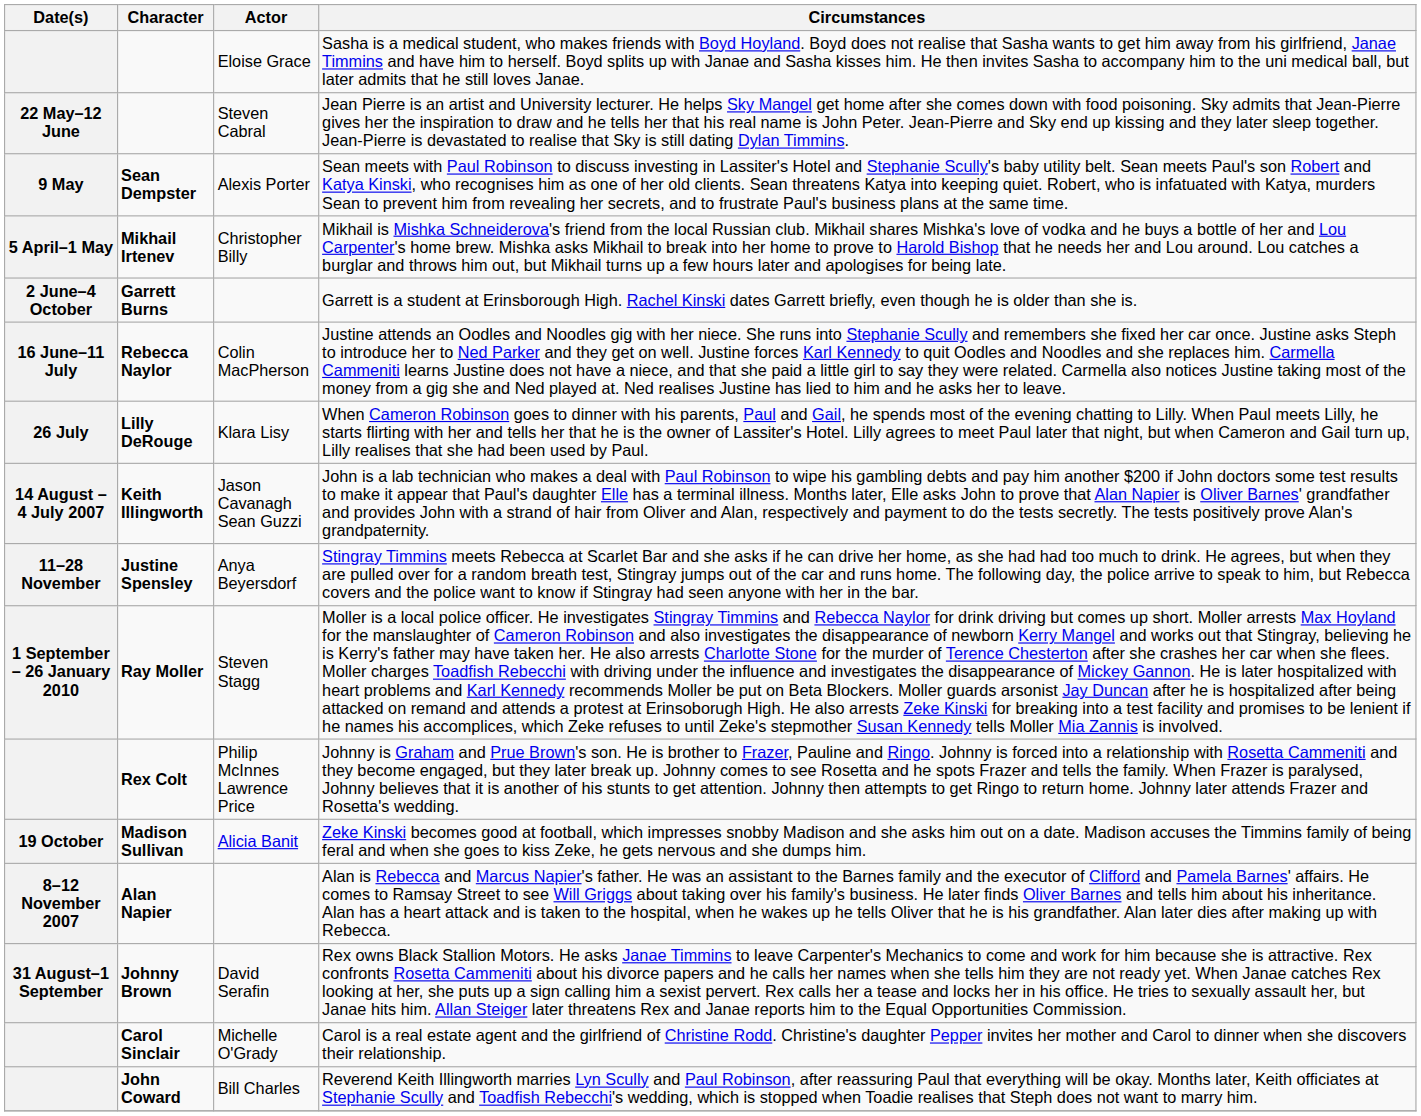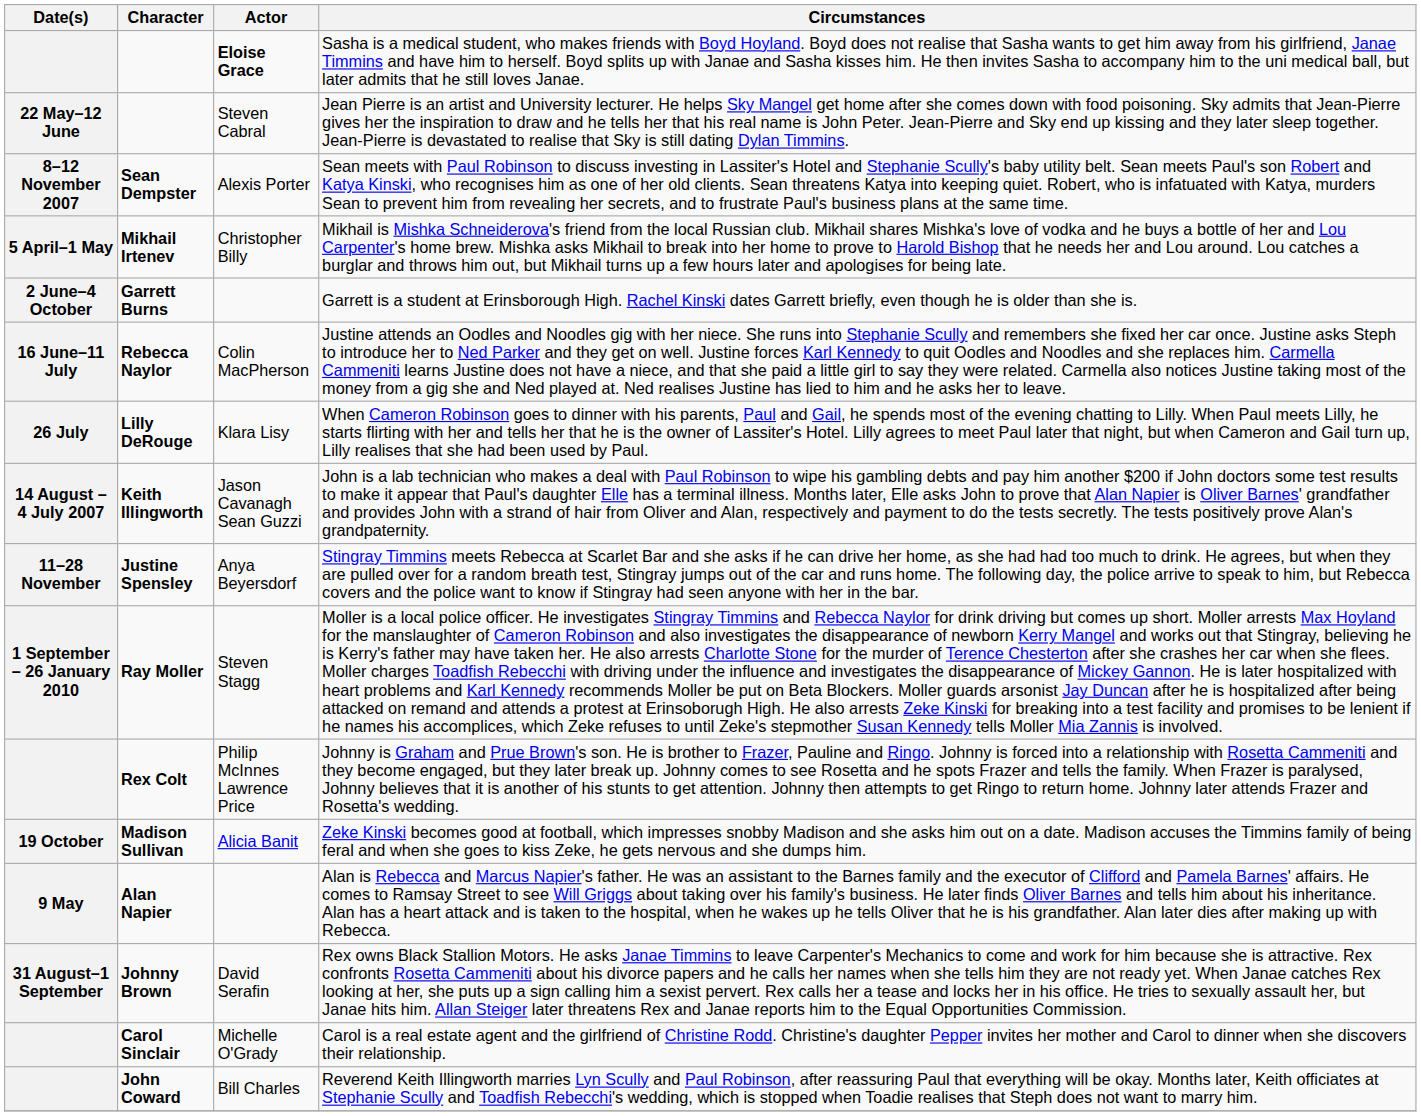 <table class="wikitable plainrowheaders" style="font-size:90%">
 <tr>
 <th scope="col">Date(s)</th>
 <th scope="col">Character</th>
 <th scope="col">Actor</th>
 <th scope="col">Circumstances</th>
 </tr>
 <tr>
 <th scope="row"></th>
 <td></td>
-<td>Eloise Grace</td>
+<td><strong>Eloise Grace</strong></td>
 <td>Sasha is a medical student, who makes friends with <a href='#'>Boyd Hoyland</a>. Boyd does not realise that Sasha wants to get him away from his girlfriend, <a href='#'>Janae Timmins</a> and have him to herself. Boyd splits up with Janae and Sasha kisses him. He then invites Sasha to accompany him to the uni medical ball, but later admits that he still loves Janae.</td>
 </tr>
 <tr>
 <th scope="row">22 May–12 June</th>
 <td></td>
 <td>Steven Cabral</td>
 <td>Jean Pierre is an artist and University lecturer. He helps <a href='#'>Sky Mangel</a> get home after she comes down with food poisoning. Sky admits that Jean-Pierre gives her the inspiration to draw and he tells her that his real name is John Peter. Jean-Pierre and Sky end up kissing and they later sleep together. Jean-Pierre is devastated to realise that Sky is still dating <a href='#'>Dylan Timmins</a>.</td>
 </tr>
 <tr>
-<th scope="row">9 May</th>
+<th scope="row">8–12 November 2007</th>
 <td><strong>Sean Dempster</strong></td>
 <td>Alexis Porter</td>
 <td>Sean meets with <a href='#'>Paul Robinson</a> to discuss investing in Lassiter's Hotel and <a href='#'>Stephanie Scully</a>'s baby utility belt. Sean meets Paul's son <a href='#'>Robert</a> and <a href='#'>Katya Kinski</a>, who recognises him as one of her old clients. Sean threatens Katya into keeping quiet. Robert, who is infatuated with Katya, murders Sean to prevent him from revealing her secrets, and to frustrate Paul's business plans at the same time.</td>
 </tr>
 <tr>
 <th scope="row">5 April–1 May</th>
 <td><strong>Mikhail Irtenev</strong></td>
 <td>Christopher Billy</td>
 <td>Mikhail is <a href='#'>Mishka Schneiderova</a>'s friend from the local Russian club. Mikhail shares Mishka's love of vodka and he buys a bottle of her and <a href='#'>Lou Carpenter</a>'s home brew. Mishka asks Mikhail to break into her home to prove to <a href='#'>Harold Bishop</a> that he needs her and Lou around. Lou catches a burglar and throws him out, but Mikhail turns up a few hours later and apologises for being late.</td>
 </tr>
 <tr>
 <th scope="row">2 June–4 October</th>
 <td><strong>Garrett Burns</strong></td>
 <td></td>
 <td>Garrett is a student at Erinsborough High. <a href='#'>Rachel Kinski</a> dates Garrett briefly, even though he is older than she is.</td>
 </tr>
 <tr>
 <th scope="row">16 June–11 July</th>
 <td><strong>Rebecca Naylor</strong></td>
 <td>Colin MacPherson</td>
 <td>Justine attends an Oodles and Noodles gig with her niece. She runs into <a href='#'>Stephanie Scully</a> and remembers she fixed her car once. Justine asks Steph to introduce her to <a href='#'>Ned Parker</a> and they get on well. Justine forces <a href='#'>Karl Kennedy</a> to quit Oodles and Noodles and she replaces him. <a href='#'>Carmella Cammeniti</a> learns Justine does not have a niece, and that she paid a little girl to say they were related. Carmella also notices Justine taking most of the money from a gig she and Ned played at. Ned realises Justine has lied to him and he asks her to leave.</td>
 </tr>
 <tr>
 <th scope="row">26 July</th>
 <td><strong>Lilly DeRouge</strong></td>
 <td>Klara Lisy</td>
 <td>When <a href='#'>Cameron Robinson</a> goes to dinner with his parents, <a href='#'>Paul</a> and <a href='#'>Gail</a>, he spends most of the evening chatting to Lilly. When Paul meets Lilly, he starts flirting with her and tells her that he is the owner of Lassiter's Hotel. Lilly agrees to meet Paul later that night, but when Cameron and Gail turn up, Lilly realises that she had been used by Paul.</td>
 </tr>
 <tr>
 <th scope="row">14 August – 4 July 2007</th>
 <td><strong>Keith Illingworth</strong></td>
 <td>Jason Cavanagh <br>Sean Guzzi</td>
 <td>John is a lab technician who makes a deal with <a href='#'>Paul Robinson</a> to wipe his gambling debts and pay him another $200 if John doctors some test results to make it appear that Paul's daughter <a href='#'>Elle</a> has a terminal illness. Months later, Elle asks John to prove that <a href='#'>Alan Napier</a> is <a href='#'>Oliver Barnes</a>' grandfather and provides John with a strand of hair from Oliver and Alan, respectively and payment to do the tests secretly. The tests positively prove Alan's grandpaternity.</td>
 </tr>
 <tr>
 <th scope="row">11–28 November</th>
 <td><strong>Justine Spensley</strong></td>
 <td>Anya Beyersdorf</td>
 <td><a href='#'>Stingray Timmins</a> meets Rebecca at Scarlet Bar and she asks if he can drive her home, as she had had too much to drink. He agrees, but when they are pulled over for a random breath test, Stingray jumps out of the car and runs home. The following day, the police arrive to speak to him, but Rebecca covers and the police want to know if Stingray had seen anyone with her in the bar.</td>
 </tr>
 <tr>
 <th scope="row">1 September – 26 January 2010</th>
 <td><strong>Ray Moller</strong></td>
 <td>Steven Stagg</td>
 <td>Moller is a local police officer. He investigates <a href='#'>Stingray Timmins</a> and <a href='#'>Rebecca Naylor</a> for drink driving but comes up short. Moller arrests <a href='#'>Max Hoyland</a> for the manslaughter of <a href='#'>Cameron Robinson</a> and also investigates the disappearance of newborn <a href='#'>Kerry Mangel</a> and works out that Stingray, believing he is Kerry's father may have taken her. He also arrests <a href='#'>Charlotte Stone</a> for the murder of <a href='#'>Terence Chesterton</a> after she crashes her car when she flees. Moller charges <a href='#'>Toadfish Rebecchi</a> with driving under the influence and investigates the disappearance of <a href='#'>Mickey Gannon</a>. He is later hospitalized with heart problems and <a href='#'>Karl Kennedy</a> recommends Moller be put on Beta Blockers. Moller guards arsonist <a href='#'>Jay Duncan</a> after he is hospitalized after being attacked on remand and attends a protest at Erinsoborugh High. He also arrests <a href='#'>Zeke Kinski</a> for breaking into a test facility and promises to be lenient if he names his accomplices, which Zeke refuses to until Zeke's stepmother <a href='#'>Susan Kennedy</a> tells Moller <a href='#'>Mia Zannis</a> is involved.</td>
 </tr>
 <tr>
 <th scope="row"></th>
 <td><strong>Rex Colt</strong></td>
 <td>Philip McInnes<br>Lawrence Price</td>
 <td>Johnny is <a href='#'>Graham</a> and <a href='#'>Prue Brown</a>'s son. He is brother to <a href='#'>Frazer</a>, Pauline and <a href='#'>Ringo</a>. Johnny is forced into a relationship with <a href='#'>Rosetta Cammeniti</a> and they become engaged, but they later break up. Johnny comes to see Rosetta and he spots Frazer and tells the family. When Frazer is paralysed, Johnny believes that it is another of his stunts to get attention. Johnny then attempts to get Ringo to return home. Johnny later attends Frazer and Rosetta's wedding.</td>
 </tr>
 <tr>
 <th scope="row">19 October</th>
 <td><strong>Madison Sullivan</strong></td>
 <td><a href='#'>Alicia Banit</a></td>
 <td><a href='#'>Zeke Kinski</a> becomes good at football, which impresses snobby Madison and she asks him out on a date. Madison accuses the Timmins family of being feral and when she goes to kiss Zeke, he gets nervous and she dumps him.</td>
 </tr>
 <tr>
-<th scope="row">8–12 November 2007</th>
+<th scope="row">9 May</th>
 <td><strong>Alan Napier</strong></td>
 <td></td>
 <td>Alan is <a href='#'>Rebecca</a> and <a href='#'>Marcus Napier</a>'s father. He was an assistant to the Barnes family and the executor of <a href='#'>Clifford</a> and <a href='#'>Pamela Barnes</a>' affairs. He comes to Ramsay Street to see <a href='#'>Will Griggs</a> about taking over his family's business. He later finds <a href='#'>Oliver Barnes</a> and tells him about his inheritance. Alan has a heart attack and is taken to the hospital, when he wakes up he tells Oliver that he is his grandfather. Alan later dies after making up with Rebecca.</td>
 </tr>
 <tr>
 <th scope="row">31 August–1 September</th>
 <td><strong>Johnny Brown</strong></td>
 <td>David Serafin</td>
 <td>Rex owns Black Stallion Motors. He asks <a href='#'>Janae Timmins</a> to leave Carpenter's Mechanics to come and work for him because she is attractive. Rex confronts <a href='#'>Rosetta Cammeniti</a> about his divorce papers and he calls her names when she tells him they are not ready yet. When Janae catches Rex looking at her, she puts up a sign calling him a sexist pervert. Rex calls her a tease and locks her in his office. He tries to sexually assault her, but Janae hits him. <a href='#'>Allan Steiger</a> later threatens Rex and Janae reports him to the Equal Opportunities Commission.</td>
 </tr>
 <tr>
 <th scope="row"></th>
 <td><strong>Carol Sinclair</strong></td>
 <td>Michelle O'Grady</td>
 <td>Carol is a real estate agent and the girlfriend of <a href='#'>Christine Rodd</a>. Christine's daughter <a href='#'>Pepper</a> invites her mother and Carol to dinner when she discovers their relationship.</td>
 </tr>
 <tr>
 <th scope="row"></th>
 <td><strong>John Coward</strong></td>
 <td>Bill Charles</td>
 <td>Reverend Keith Illingworth marries <a href='#'>Lyn Scully</a> and <a href='#'>Paul Robinson</a>, after reassuring Paul that everything will be okay. Months later, Keith officiates at <a href='#'>Stephanie Scully</a> and <a href='#'>Toadfish Rebecchi</a>'s wedding, which is stopped when Toadie realises that Steph does not want to marry him.</td>
 </tr>
 <tr>
 </tr>
 </table>
